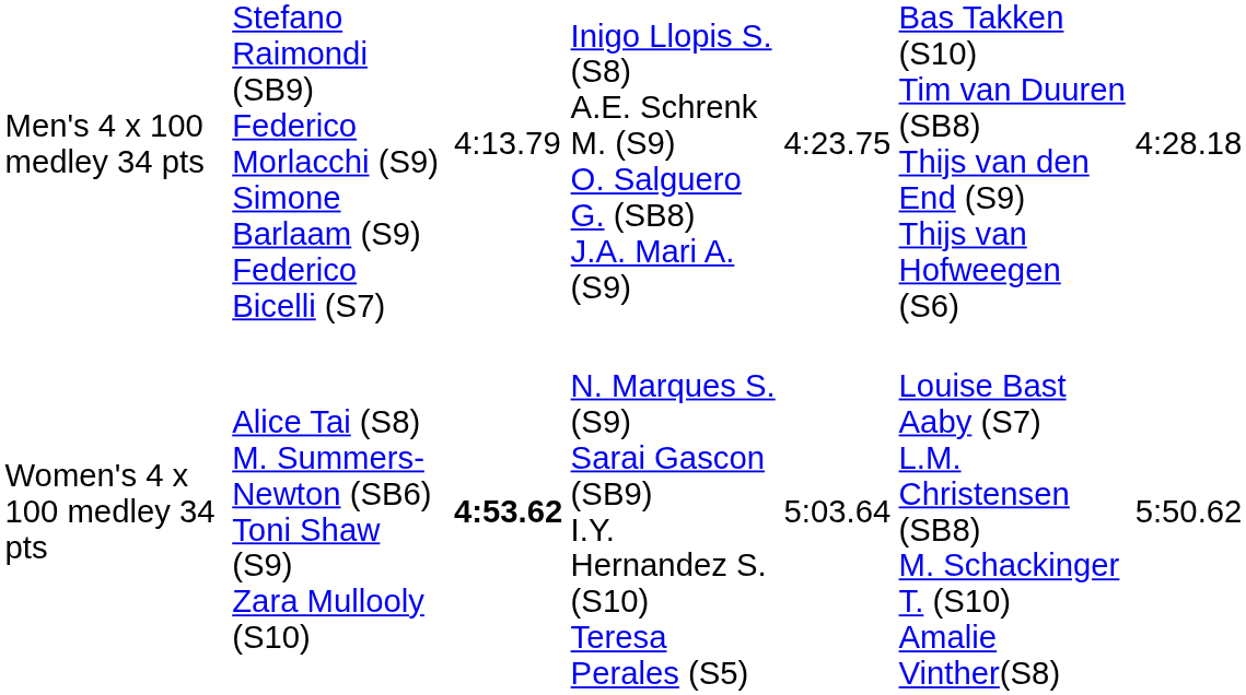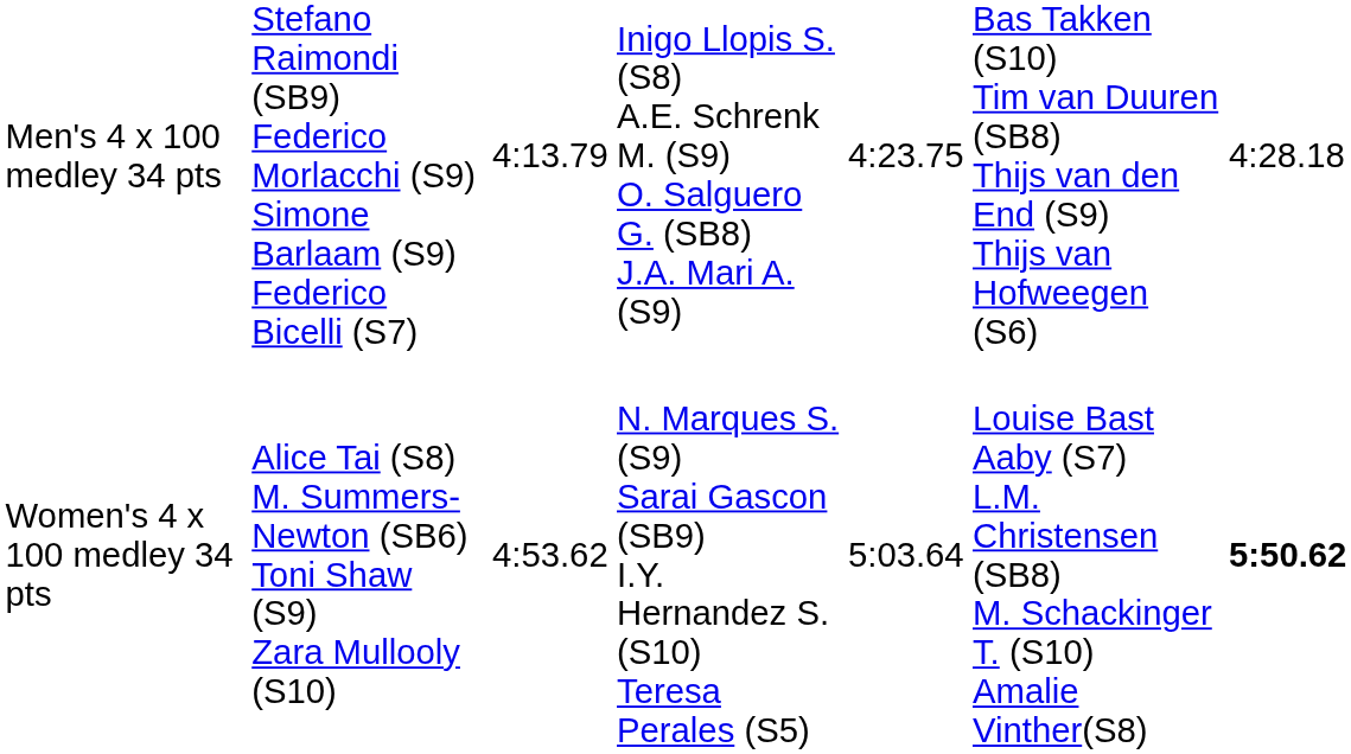 <table>
 <tr>
 <td>Men's 4 x 100 medley 34 pts </td>
 <td> <br><a href='#'>Stefano Raimondi</a> (SB9)<br><a href='#'>Federico Morlacchi</a> (S9)<br><a href='#'>Simone Barlaam</a> (S9)<br><a href='#'>Federico Bicelli</a> (S7)</td>
 <td>4:13.79</td>
 <td> <br><a href='#'>Inigo Llopis S.</a> (S8)<br>A.E. Schrenk M. (S9)<br><a href='#'>O. Salguero G.</a> (SB8)<br><a href='#'>J.A. Mari A.</a> (S9)</td>
 <td>4:23.75</td>
 <td> <br><a href='#'>Bas Takken</a> (S10)<br><a href='#'>Tim van Duuren</a> (SB8)<br><a href='#'>Thijs van den End</a> (S9)<br><a href='#'>Thijs van Hofweegen</a> (S6)</td>
 <td>4:28.18</td>
 </tr>
 <tr>
 <td>Women's 4 x 100 medley 34 pts </td>
 <td> <br><a href='#'>Alice Tai</a> (S8)<br><a href='#'>M. Summers-Newton</a> (SB6)<br><a href='#'>Toni Shaw</a> (S9)<br><a href='#'>Zara Mullooly</a> (S10)</td>
-<td><strong>4:53.62</strong></td>
+<td>4:53.62</td>
 <td>  <br><a href='#'>N. Marques S.</a> (S9)<br><a href='#'>Sarai Gascon</a> (SB9) <br>I.Y. Hernandez S. (S10)<br><a href='#'>Teresa Perales</a> (S5)</td>
 <td>5:03.64</td>
 <td>  <br><a href='#'>Louise Bast Aaby</a> (S7)<br><a href='#'>L.M. Christensen</a> (SB8)<br><a href='#'>M. Schackinger T.</a> (S10)<br><a href='#'>Amalie Vinther</a>(S8)</td>
-<td>5:50.62</td>
+<td><strong>5:50.62</strong></td>
 </tr>
 <tr>
 <td colspan=7></td>
 </tr>
 </table>
